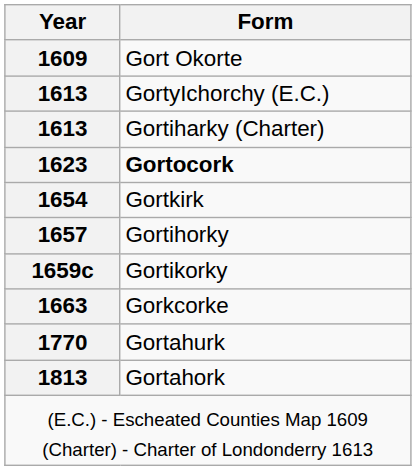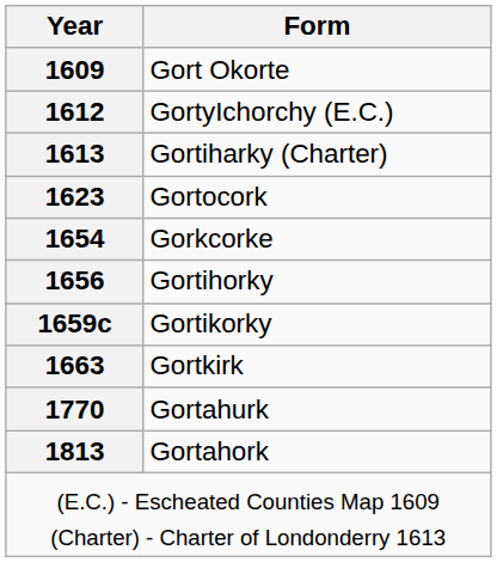 <table class="wikitable" style="margin:0 0 0 3em; border:1px solid darkgrey;">
 <tr>
 <th style="width:75px;">Year</th>
 <th style="width:200px;">Form</th>
 </tr>
 <tr>
 <th>1609</th>
 <td>Gort Okorte</td>
 </tr>
 <tr>
-<th>1613</th>
+<th>1612</th>
 <td>GortyIchorchy (E.C.)</td>
 </tr>
 <tr>
 <th>1613</th>
 <td>Gortiharky (Charter)</td>
 </tr>
 <tr>
 <th>1623</th>
-<td><strong>Gortocork</strong></td>
+<td>Gortocork</td>
 </tr>
 <tr>
 <th>1654</th>
-<td>Gortkirk</td>
+<td>Gorkcorke</td>
 </tr>
 <tr>
-<th>1657</th>
+<th>1656</th>
 <td>Gortihorky</td>
 </tr>
 <tr>
 <th>1659c</th>
 <td>Gortikorky</td>
 </tr>
 <tr>
 <th>1663</th>
-<td>Gorkcorke</td>
+<td>Gortkirk</td>
 </tr>
 <tr>
 <th>1770</th>
 <td>Gortahurk</td>
 </tr>
 <tr>
 <th>1813</th>
 <td>Gortahork</td>
 </tr>
 <tr>
 <td colspan="2" align="center"><sub>(E.C.) - Escheated Counties Map 1609<br>(Charter) - Charter of Londonderry 1613<br></sub></td>
 </tr>
 </table>
